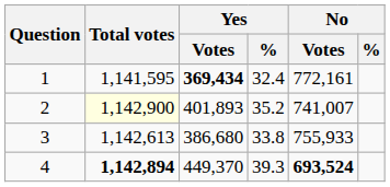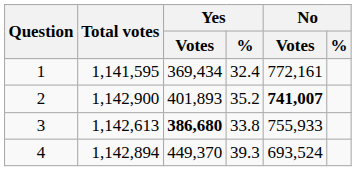 <table class="wikitable" style="text-align:right;">
 <tr>
 <th rowspan="2">Question</th>
 <th rowspan="2">Total votes</th>
 <th colspan="2">Yes</th>
 <th colspan="2">No</th>
 </tr>
 <tr>
 <th>Votes</th>
 <th>%</th>
 <th>Votes</th>
 <th>%</th>
 </tr>
 <tr>
 <td style="text-align:center;">1</td>
 <td>1,141,595</td>
-<td><strong>369,434</strong></td>
+<td>369,434</td>
 <td>32.4</td>
 <td>772,161</td>
 <td></td>
 </tr>
 <tr>
 <td style="text-align:center;">2</td>
-<td style="background: lightyellow;">1,142,900</td>
+<td>1,142,900</td>
 <td>401,893</td>
 <td>35.2</td>
-<td>741,007</td>
+<td><strong>741,007</strong></td>
 <td></td>
 </tr>
 <tr>
 <td style="text-align:center;">3</td>
 <td>1,142,613</td>
-<td>386,680</td>
+<td><strong>386,680</strong></td>
 <td>33.8</td>
 <td>755,933</td>
 <td></td>
 </tr>
 <tr>
 <td style="text-align:center;">4</td>
-<td><strong>1,142,894</strong></td>
+<td>1,142,894</td>
 <td>449,370</td>
 <td>39.3</td>
-<td><strong>693,524</strong></td>
+<td>693,524</td>
 <td></td>
 </tr>
 </table>
